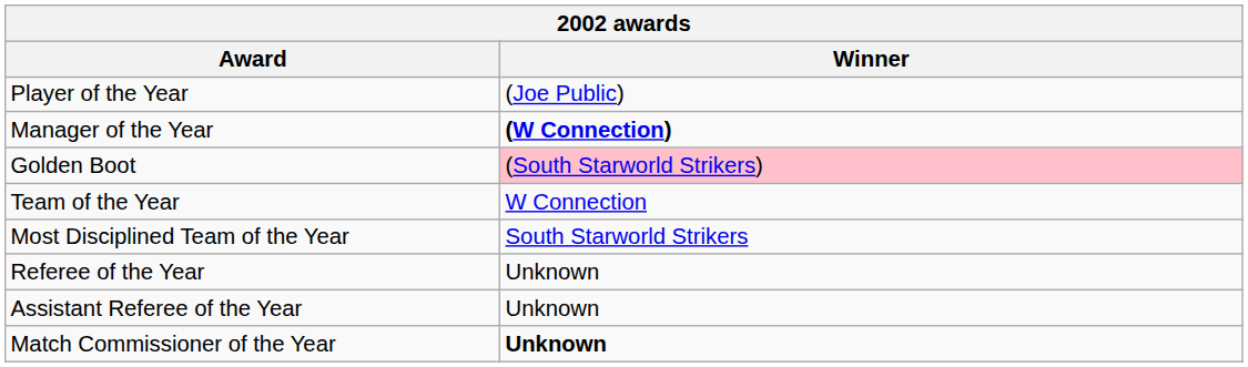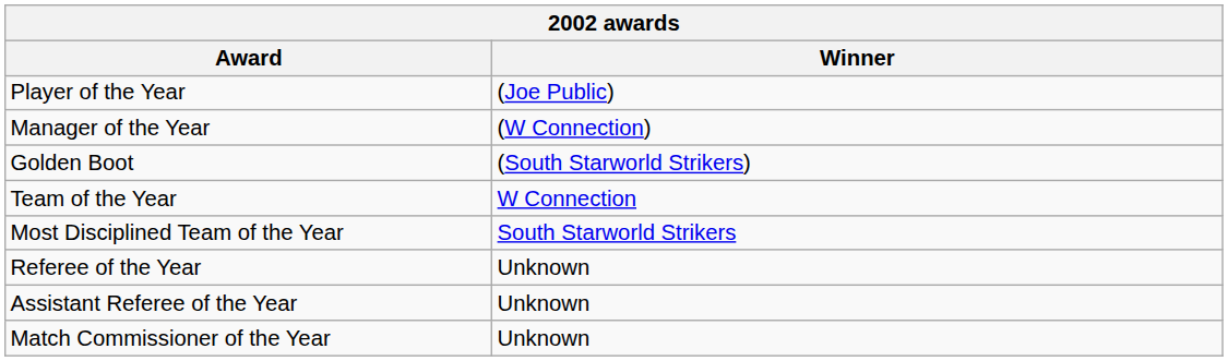 <table class="collapsible wikitable collapsed" width=50%; style="font-size:90%;">
 <tr>
 <th colspan="4">2002 awards</th>
 </tr>
 <tr>
 <th width=20%>Award</th>
 <th width=30%>Winner</th>
 </tr>
 <tr>
 <td>Player of the Year</td>
 <td>  (<a href='#'>Joe Public</a>)</td>
 </tr>
 <tr>
 <td>Manager of the Year</td>
-<td><strong>  (<a href='#'>W Connection</a>)</strong></td>
+<td>  (<a href='#'>W Connection</a>)</td>
 </tr>
 <tr>
 <td>Golden Boot</td>
-<td style="background: pink;">  (<a href='#'>South Starworld Strikers</a>)</td>
+<td>  (<a href='#'>South Starworld Strikers</a>)</td>
 </tr>
 <tr>
 <td>Team of the Year</td>
 <td><a href='#'>W Connection</a></td>
 </tr>
 <tr>
 <td>Most Disciplined Team of the Year</td>
 <td><a href='#'>South Starworld Strikers</a></td>
 </tr>
 <tr>
 <td>Referee of the Year</td>
 <td>Unknown</td>
 </tr>
 <tr>
 <td>Assistant Referee of the Year</td>
 <td>Unknown</td>
 </tr>
 <tr>
 <td>Match Commissioner of the Year</td>
-<td><strong>Unknown</strong></td>
+<td>Unknown</td>
 </tr>
 </table>
